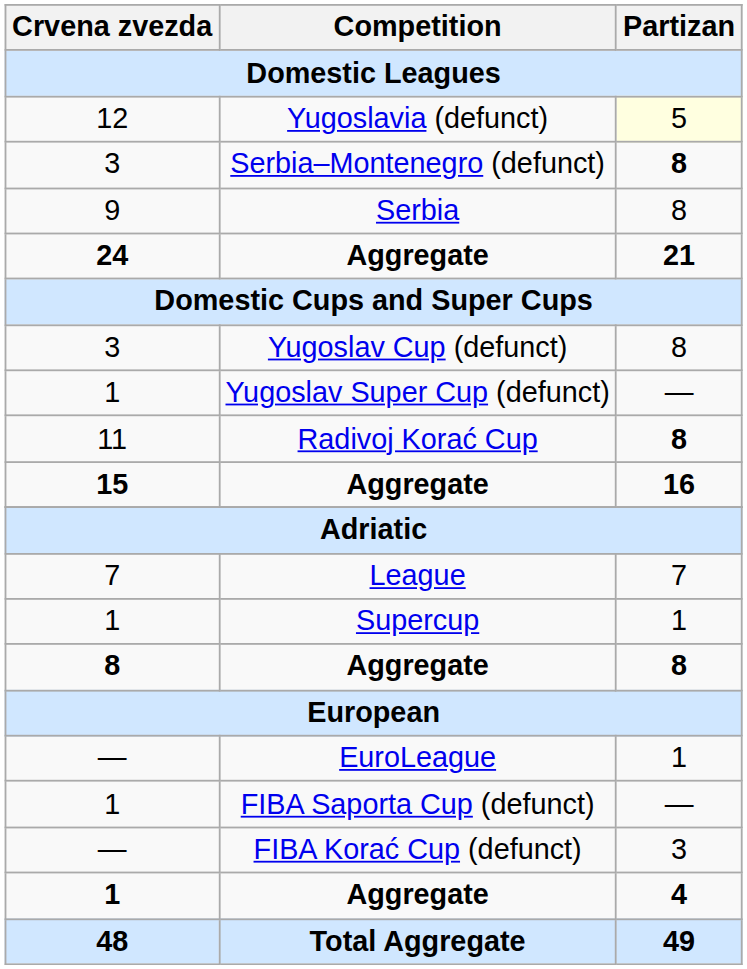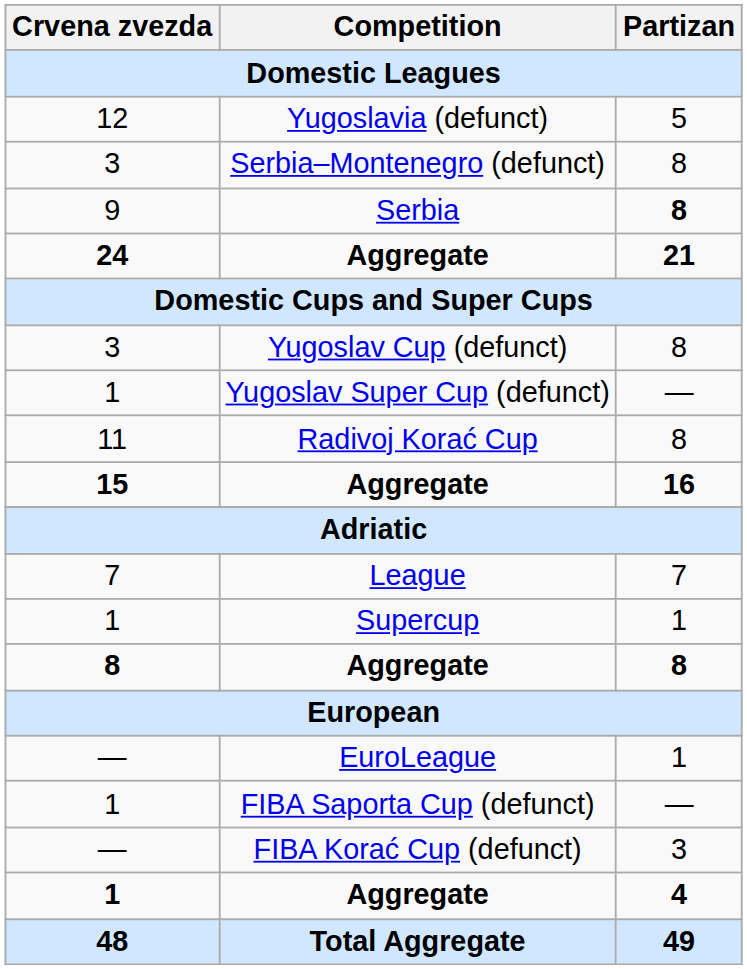 <table class="wikitable"  style="width:auto; margin:auto;">
 <tr>
 <th>Crvena zvezda</th>
 <th>Competition</th>
 <th>Partizan</th>
 </tr>
 <tr style="text-align:center;" bgcolor=#D0E7FF>
 <td colspan="4"><strong>Domestic Leagues</strong></td>
 </tr>
 <tr style="text-align:center;">
 <td>12</td>
 <td><a href='#'>Yugoslavia</a> (defunct)</td>
-<td style="background: lightyellow;">5</td>
+<td>5</td>
 </tr>
 <tr style="text-align:center;">
 <td>3</td>
 <td><a href='#'>Serbia–Montenegro</a> (defunct)</td>
-<td><strong>8</strong></td>
+<td>8</td>
 </tr>
 <tr style="text-align:center;">
 <td>9</td>
 <td><a href='#'>Serbia</a></td>
-<td>8</td>
+<td><strong>8</strong></td>
 </tr>
 <tr align="center">
 <td><strong>24</strong></td>
 <td><strong>Aggregate</strong></td>
 <td><strong>21</strong></td>
 </tr>
 <tr style="text-align:center;" bgcolor=#D0E7FF>
 <td colspan="3"><strong>Domestic Cups and Super Cups</strong></td>
 </tr>
 <tr style="text-align:center;">
 <td>3</td>
 <td><a href='#'>Yugoslav Cup</a> (defunct)</td>
 <td>8</td>
 </tr>
 <tr style="text-align:center;">
 <td>1</td>
 <td><a href='#'>Yugoslav Super Cup</a> (defunct)</td>
 <td>—</td>
 </tr>
 <tr style="text-align:center;">
 <td>11</td>
 <td><a href='#'>Radivoj Korać Cup</a></td>
-<td><strong>8</strong></td>
+<td>8</td>
 </tr>
 <tr align="center">
 <td><strong>15</strong></td>
 <td><strong>Aggregate</strong></td>
 <td><strong>16</strong></td>
 </tr>
 <tr style="text-align:center;" bgcolor=#D0E7FF>
 </tr>
 <tr style="text-align:center;">
 </tr>
 <tr align="center" bgcolor=#D0E7FF>
 <td colspan="4"><strong>Adriatic</strong></td>
 </tr>
 <tr style="text-align:center;">
 <td>7</td>
 <td><a href='#'>League</a></td>
 <td>7</td>
 </tr>
 <tr style="text-align:center;">
 <td>1</td>
 <td><a href='#'>Supercup</a></td>
 <td>1</td>
 </tr>
 <tr align="center">
 <td><strong>8</strong></td>
 <td><strong>Aggregate</strong></td>
 <td><strong>8</strong></td>
 </tr>
 <tr style="text-align:center;"  bgcolor=#D0E7FF>
 <td colspan="4"><strong>European</strong></td>
 </tr>
 <tr style="text-align:center;">
 <td>—</td>
 <td><a href='#'>EuroLeague</a></td>
 <td>1</td>
 </tr>
 <tr style="text-align:center;">
 <td>1</td>
 <td><a href='#'>FIBA Saporta Cup</a> (defunct)</td>
 <td>—</td>
 </tr>
 <tr style="text-align:center;">
 <td>—</td>
 <td><a href='#'>FIBA Korać Cup</a> (defunct)</td>
 <td>3</td>
 </tr>
 <tr align="center">
 <td><strong>1</strong></td>
 <td><strong>Aggregate</strong></td>
 <td><strong>4</strong></td>
 </tr>
 <tr align="center" bgcolor=#D0E7FF>
 <td><strong>48</strong></td>
 <td><strong>Total Aggregate</strong></td>
 <td><strong>49</strong></td>
 </tr>
 </table>
